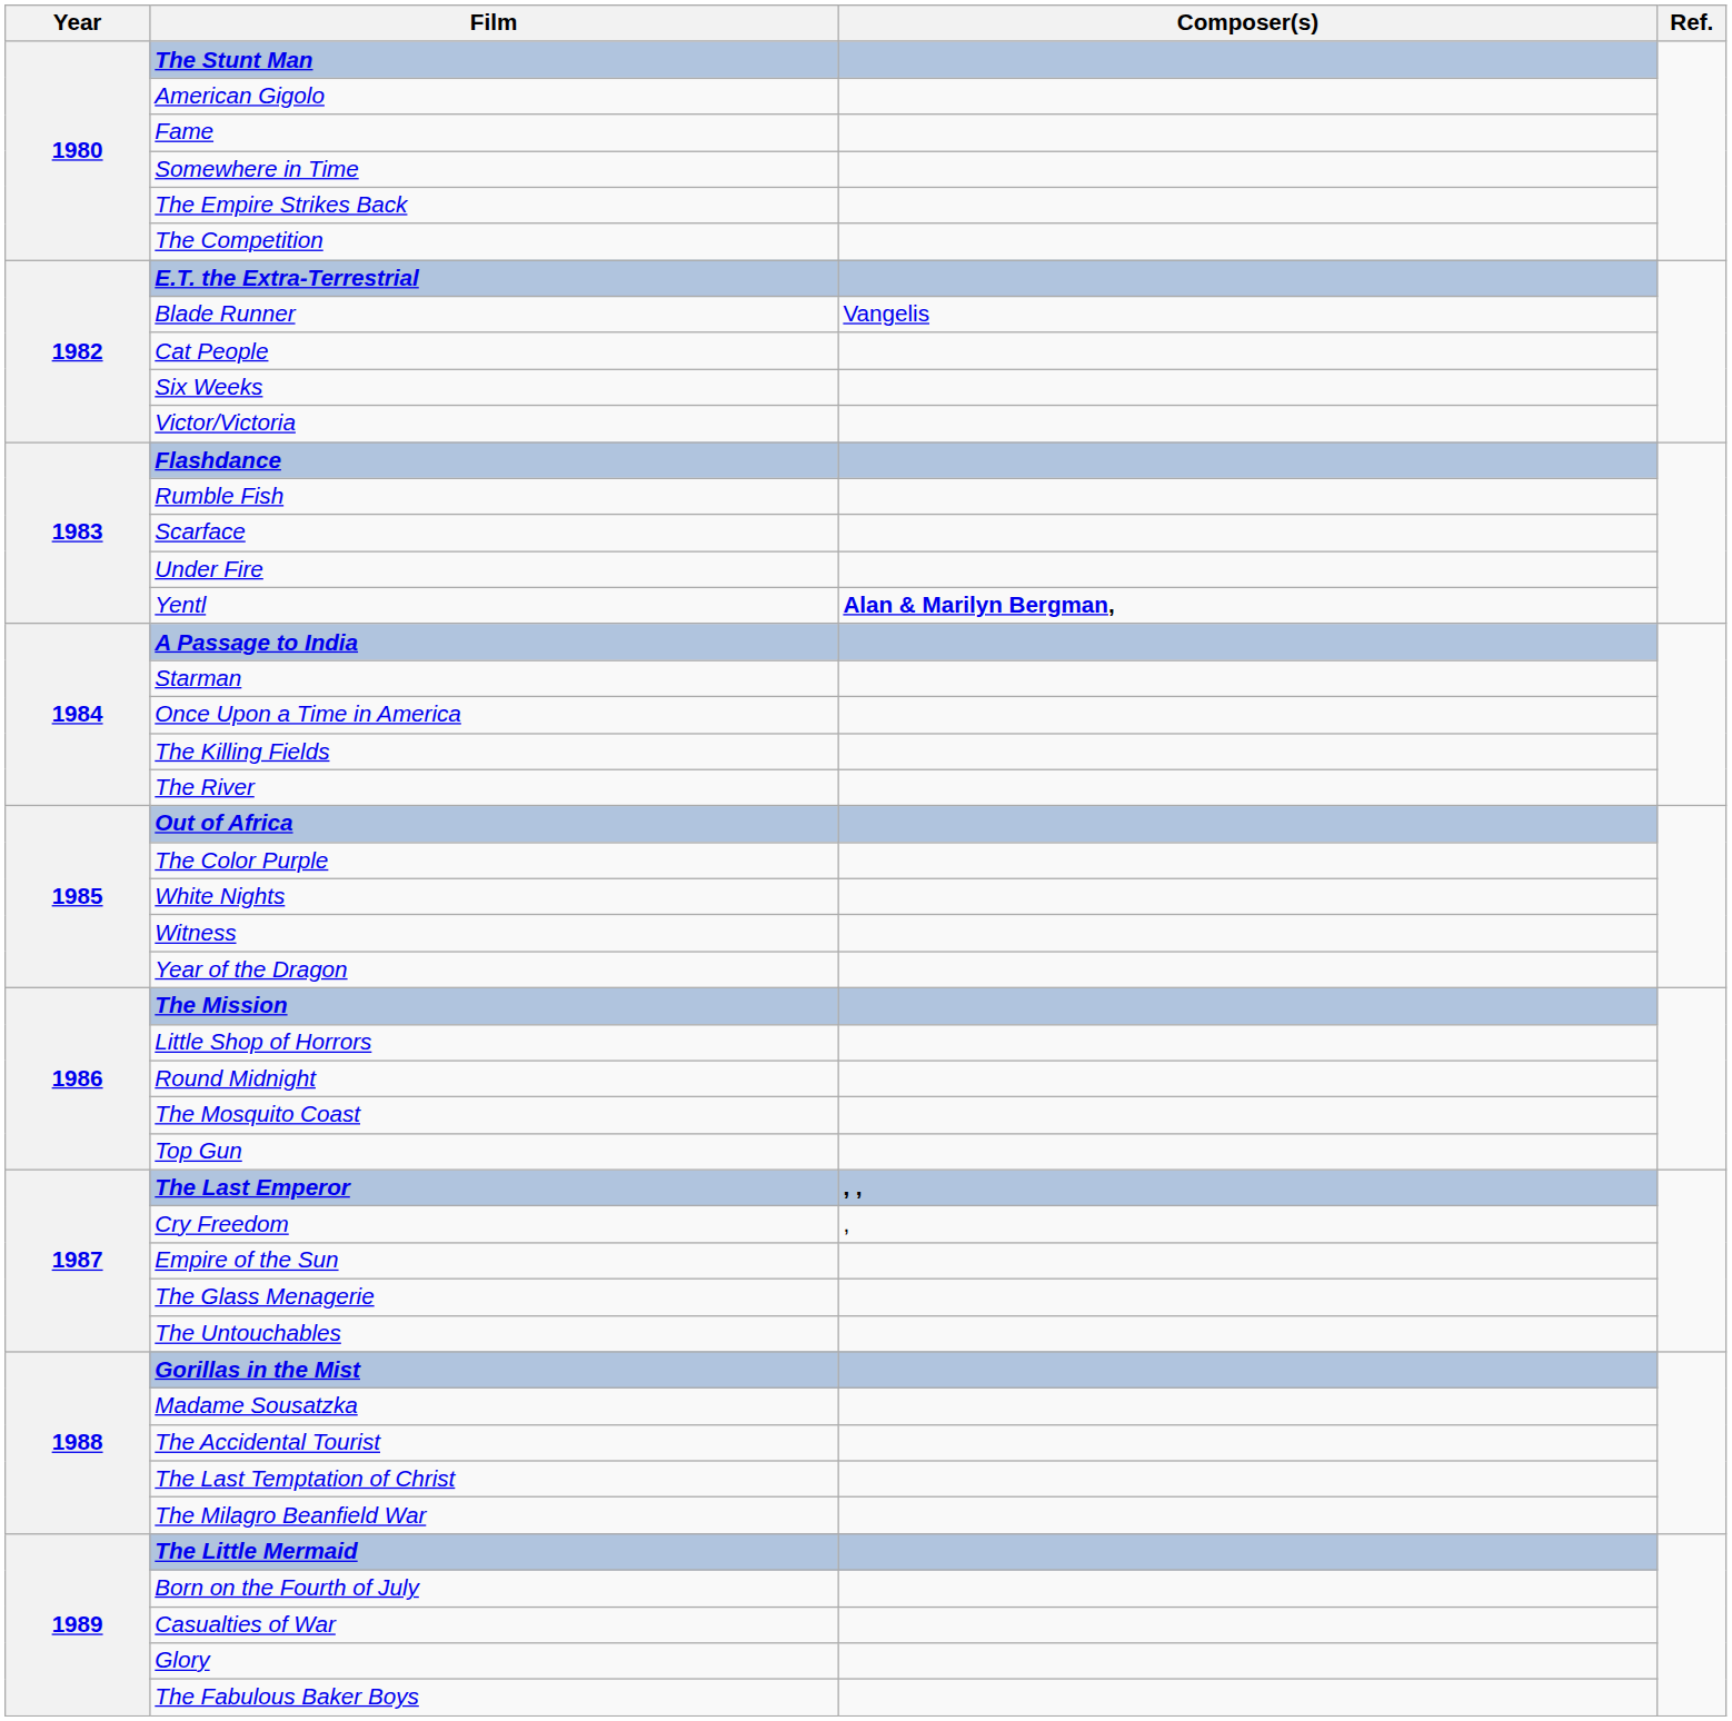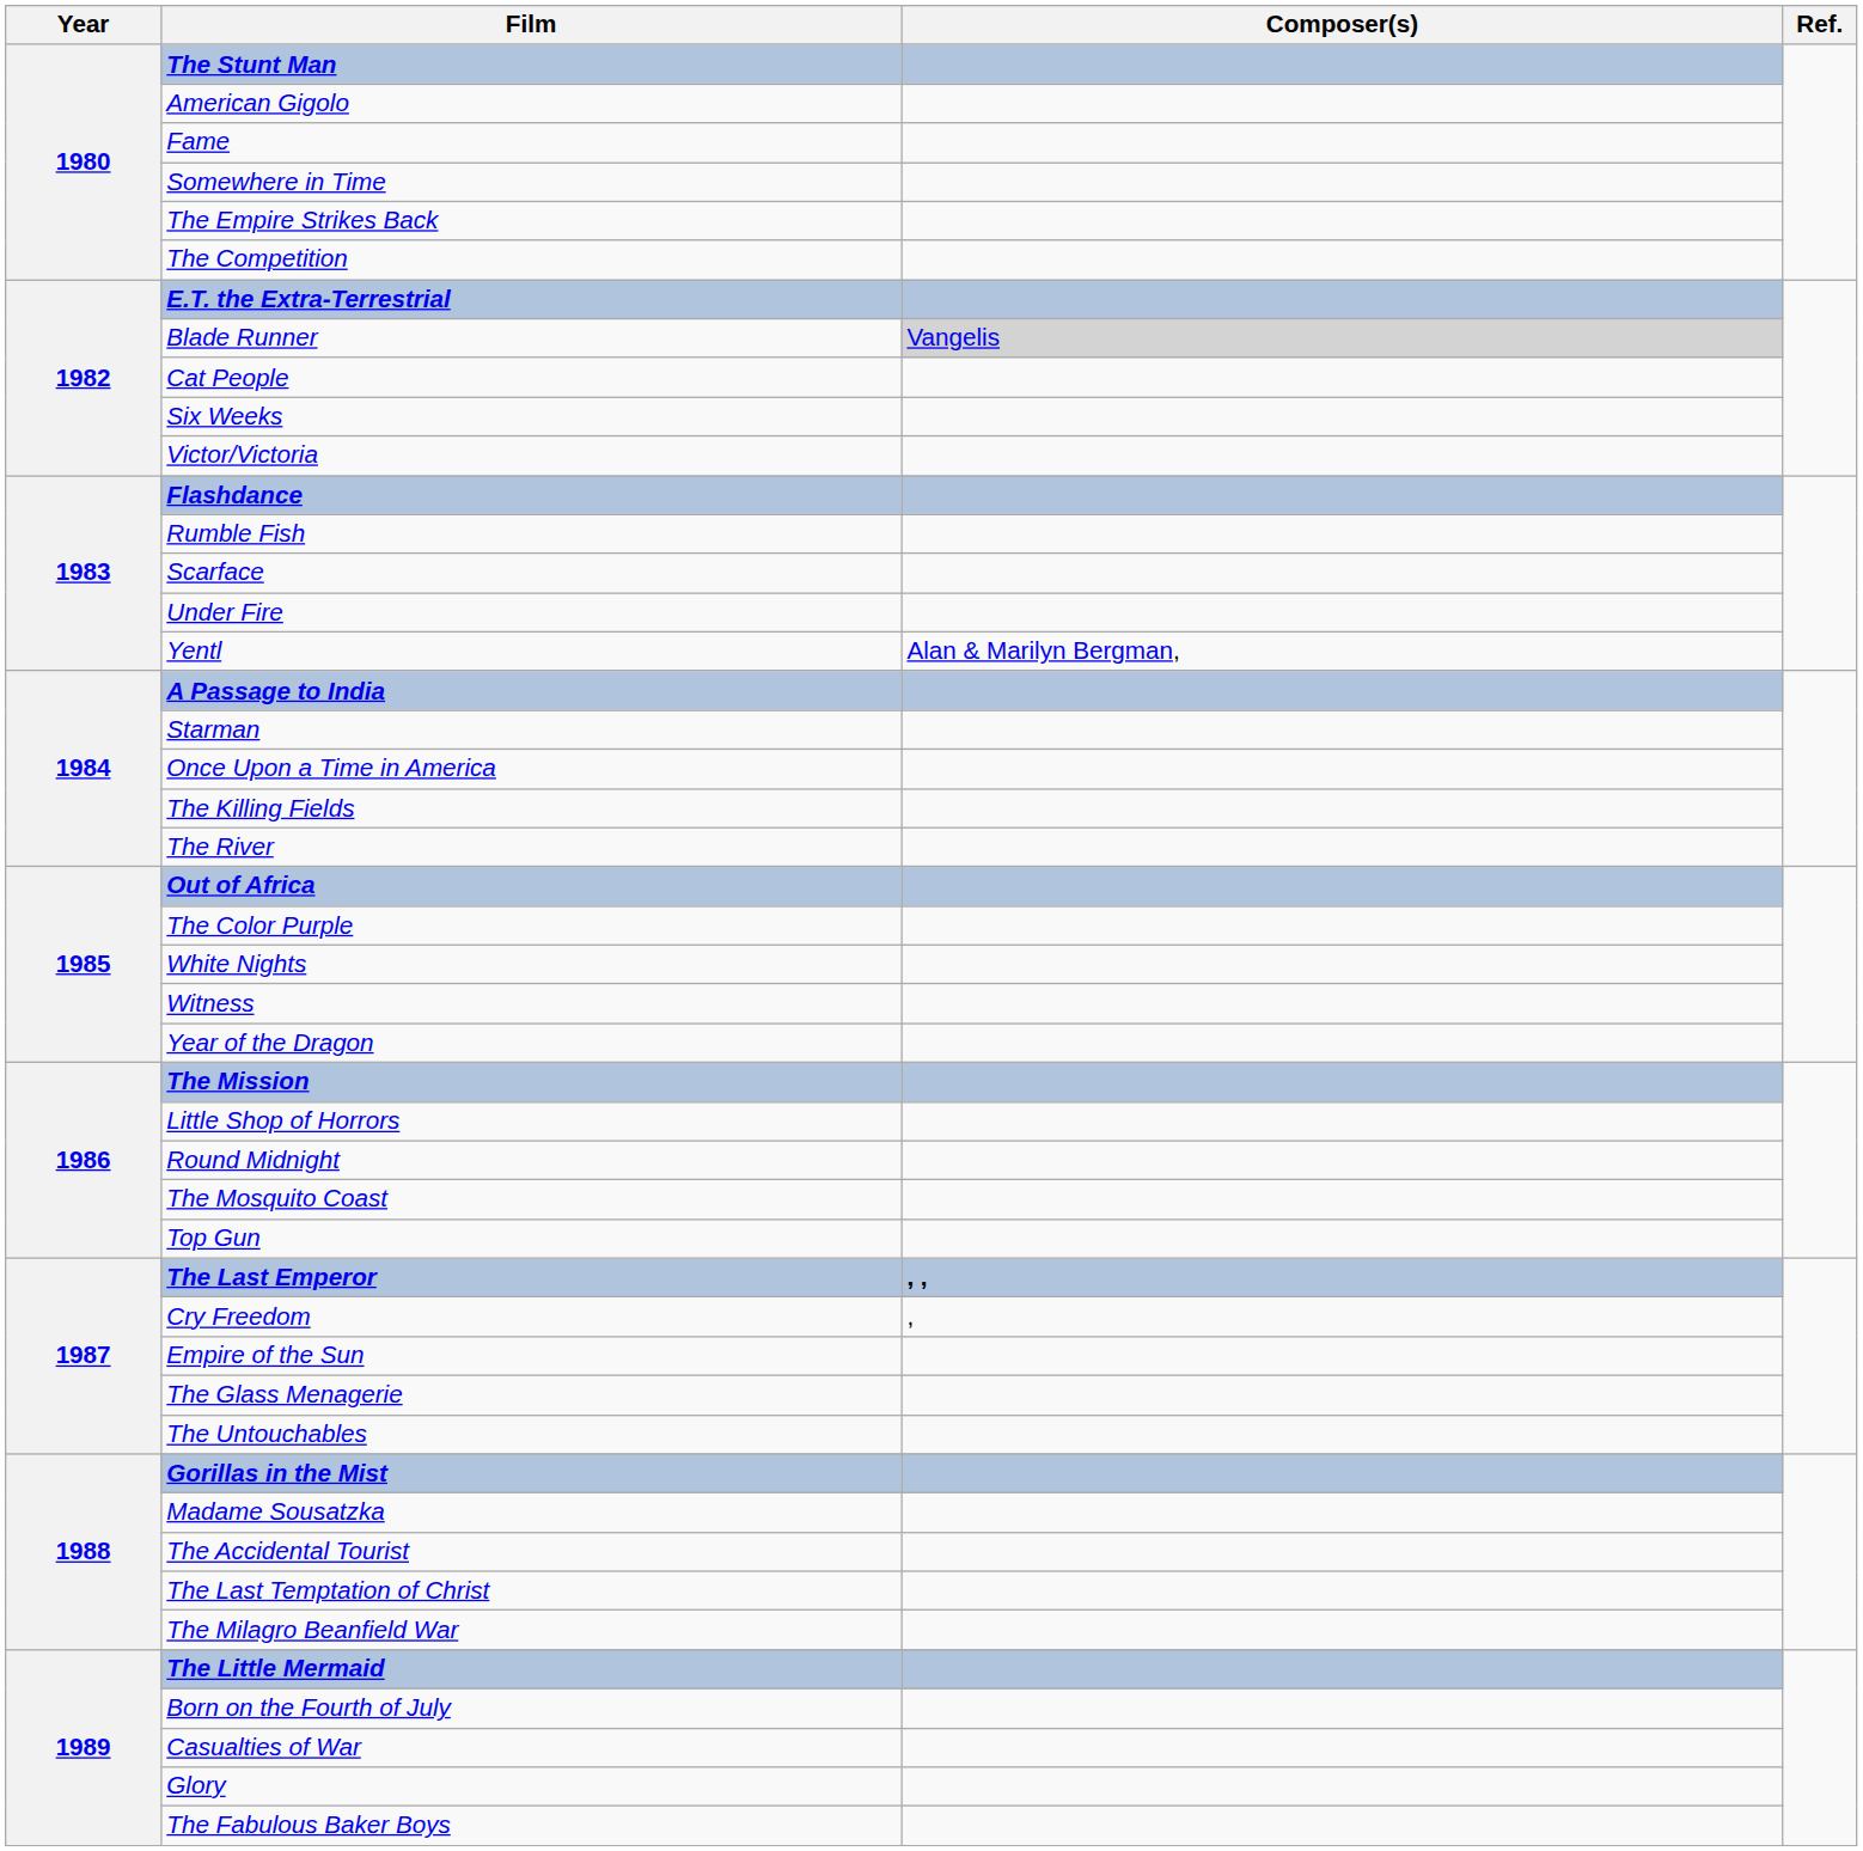 <table class="wikitable sortable unsortable" style="width:95%;" cellpadding="6">
 <tr>
 <th scope="col" style="width:70pt">Year</th>
 <th scope="col" style="width:40%">Film</th>
 <th scope="col">Composer(s)</th>
 <th scope="col" class="unsortable" style="width:30pt">Ref.</th>
 </tr>
 <tr>
 <th rowspan="6" style="text-align:center;"><a href='#'>1980</a></th>
 <td style="background:#B0C4DE;"><strong><em><a href='#'>The Stunt Man</a></em></strong></td>
 <td style="background:#B0C4DE;"><strong></strong></td>
 <td rowspan="6"></td>
 </tr>
 <tr>
 <td><em><a href='#'>American Gigolo</a></em></td>
 <td></td>
 </tr>
 <tr>
 <td><em><a href='#'>Fame</a></em></td>
 <td></td>
 </tr>
 <tr>
 <td><em><a href='#'>Somewhere in Time</a></em></td>
 <td></td>
 </tr>
 <tr>
 <td><em><a href='#'>The Empire Strikes Back</a></em></td>
 <td></td>
 </tr>
 <tr>
 <td><em><a href='#'>The Competition</a></em></td>
 <td></td>
 </tr>
 <tr>
 <th rowspan="5" style="text-align:center;"><a href='#'>1982</a></th>
 <td style="background:#B0C4DE;"><strong><em><a href='#'>E.T. the Extra-Terrestrial</a></em></strong></td>
 <td style="background:#B0C4DE;"><strong></strong></td>
 <td rowspan="5"></td>
 </tr>
 <tr>
 <td><em><a href='#'>Blade Runner</a></em></td>
-<td><a href='#'>Vangelis</a></td>
+<td style="background: lightgrey;"><a href='#'>Vangelis</a></td>
 </tr>
 <tr>
 <td><em><a href='#'>Cat People</a></em></td>
 <td></td>
 </tr>
 <tr>
 <td><em><a href='#'>Six Weeks</a></em></td>
 <td></td>
 </tr>
 <tr>
 <td><em><a href='#'>Victor/Victoria</a></em></td>
 <td></td>
 </tr>
 <tr>
 <th rowspan="5" style="text-align:center;"><a href='#'>1983</a></th>
 <td style="background:#B0C4DE;"><strong><em><a href='#'>Flashdance</a></em></strong></td>
 <td style="background:#B0C4DE;"><strong></strong></td>
 <td rowspan="5"></td>
 </tr>
 <tr>
 <td><em><a href='#'>Rumble Fish</a></em></td>
 <td></td>
 </tr>
 <tr>
 <td><em><a href='#'>Scarface</a></em></td>
 <td></td>
 </tr>
 <tr>
 <td><em><a href='#'>Under Fire</a></em></td>
 <td></td>
 </tr>
 <tr>
 <td><em><a href='#'>Yentl</a></em></td>
-<td><strong><a href='#'>Alan & Marilyn Bergman</a>, </strong></td>
+<td><a href='#'>Alan & Marilyn Bergman</a>, </td>
 </tr>
 <tr>
 <th rowspan="5" style="text-align:center;"><a href='#'>1984</a></th>
 <td style="background:#B0C4DE;"><strong><em><a href='#'>A Passage to India</a></em></strong></td>
 <td style="background:#B0C4DE;"><strong></strong></td>
 <td rowspan="5"></td>
 </tr>
 <tr>
 <td><em><a href='#'>Starman</a></em></td>
 <td></td>
 </tr>
 <tr>
 <td><em><a href='#'>Once Upon a Time in America</a></em></td>
 <td></td>
 </tr>
 <tr>
 <td><em><a href='#'>The Killing Fields</a></em></td>
 <td></td>
 </tr>
 <tr>
 <td><em><a href='#'>The River</a></em></td>
 <td></td>
 </tr>
 <tr>
 <th rowspan="5" style="text-align:center;"><a href='#'>1985</a></th>
 <td style="background:#B0C4DE;"><strong><em><a href='#'>Out of Africa</a></em></strong></td>
 <td style="background:#B0C4DE;"><strong></strong></td>
 <td rowspan="5"></td>
 </tr>
 <tr>
 <td><em><a href='#'>The Color Purple</a></em></td>
 <td></td>
 </tr>
 <tr>
 <td><em><a href='#'>White Nights</a></em></td>
 <td></td>
 </tr>
 <tr>
 <td><em><a href='#'>Witness</a></em></td>
 <td></td>
 </tr>
 <tr>
 <td><em><a href='#'>Year of the Dragon</a></em></td>
 <td></td>
 </tr>
 <tr>
 <th rowspan="5" style="text-align:center;"><a href='#'>1986</a></th>
 <td style="background:#B0C4DE;"><strong><em><a href='#'>The Mission</a></em></strong></td>
 <td style="background:#B0C4DE;"><strong></strong></td>
 <td rowspan="5"></td>
 </tr>
 <tr>
 <td><em><a href='#'>Little Shop of Horrors</a></em></td>
 <td></td>
 </tr>
 <tr>
 <td><em><a href='#'>Round Midnight</a></em></td>
 <td></td>
 </tr>
 <tr>
 <td><em><a href='#'>The Mosquito Coast</a></em></td>
 <td></td>
 </tr>
 <tr>
 <td><em><a href='#'>Top Gun</a></em></td>
 <td></td>
 </tr>
 <tr>
 <th rowspan="5" style="text-align:center;"><a href='#'>1987</a></th>
 <td style="background:#B0C4DE;"><strong><em><a href='#'>The Last Emperor</a></em></strong></td>
 <td style="background:#B0C4DE;"><strong>, , </strong></td>
 <td rowspan="5"></td>
 </tr>
 <tr>
 <td><em><a href='#'>Cry Freedom</a></em></td>
 <td>, </td>
 </tr>
 <tr>
 <td><em><a href='#'>Empire of the Sun</a></em></td>
 <td></td>
 </tr>
 <tr>
 <td><em><a href='#'>The Glass Menagerie</a></em></td>
 <td></td>
 </tr>
 <tr>
 <td><em><a href='#'>The Untouchables</a></em></td>
 <td></td>
 </tr>
 <tr>
 <th rowspan="5" style="text-align:center;"><a href='#'>1988</a></th>
 <td style="background:#B0C4DE;"><strong><em><a href='#'>Gorillas in the Mist</a></em></strong></td>
 <td style="background:#B0C4DE;"><strong></strong></td>
 <td rowspan="5"></td>
 </tr>
 <tr>
 <td><em><a href='#'>Madame Sousatzka</a></em></td>
 <td></td>
 </tr>
 <tr>
 <td><em><a href='#'>The Accidental Tourist</a></em></td>
 <td></td>
 </tr>
 <tr>
 <td><em><a href='#'>The Last Temptation of Christ</a></em></td>
 <td></td>
 </tr>
 <tr>
 <td><em><a href='#'>The Milagro Beanfield War</a></em></td>
 <td></td>
 </tr>
 <tr>
 <th rowspan="5" style="text-align:center;"><a href='#'>1989</a></th>
 <td style="background:#B0C4DE;"><strong><em><a href='#'>The Little Mermaid</a></em></strong></td>
 <td style="background:#B0C4DE;"><strong></strong></td>
 <td rowspan="5"></td>
 </tr>
 <tr>
 <td><em><a href='#'>Born on the Fourth of July</a></em></td>
 <td></td>
 </tr>
 <tr>
 <td><em><a href='#'>Casualties of War</a></em></td>
 <td></td>
 </tr>
 <tr>
 <td><em><a href='#'>Glory</a></em></td>
 <td></td>
 </tr>
 <tr>
 <td><em><a href='#'>The Fabulous Baker Boys</a></em></td>
 <td></td>
 </tr>
 </table>
